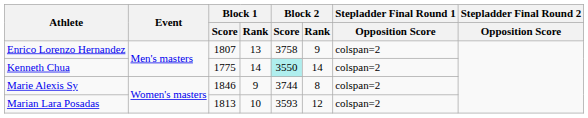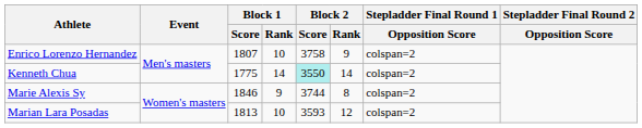 <table class="wikitable" border="1" style="font-size:90%">
 <tr>
 <th rowspan=2>Athlete</th>
 <th rowspan=2>Event</th>
 <th colspan=2>Block 1</th>
 <th colspan=2>Block 2</th>
 <th>Stepladder Final Round 1</th>
 <th>Stepladder Final Round 2</th>
 </tr>
 <tr>
 <th>Score</th>
 <th>Rank</th>
 <th>Score</th>
 <th>Rank</th>
 <th>Opposition Score</th>
 <th>Opposition Score</th>
 </tr>
 <tr>
 <td><a href='#'>Enrico Lorenzo Hernandez</a></td>
 <td rowspan=2><a href='#'>Men's masters</a></td>
 <td align=center>1807</td>
-<td align=center>13</td>
+<td align=center>10</td>
 <td align=center>3758</td>
 <td align=center>9</td>
 <td>colspan=2 </td>
 </tr>
 <tr>
 <td><a href='#'>Kenneth Chua</a></td>
 <td align=center>1775</td>
 <td align=center>14</td>
 <td align=center style="background: paleturquoise;">3550</td>
 <td align=center>14</td>
 <td>colspan=2 </td>
 </tr>
 <tr>
 <td><a href='#'>Marie Alexis Sy</a></td>
 <td rowspan=2><a href='#'>Women's masters</a></td>
 <td align=center>1846</td>
 <td align=center>9</td>
 <td align=center>3744</td>
 <td align=center>8</td>
 <td>colspan=2 </td>
 </tr>
 <tr>
 <td><a href='#'>Marian Lara Posadas</a></td>
 <td align=center>1813</td>
 <td align=center>10</td>
 <td align=center>3593</td>
 <td align=center>12</td>
 <td>colspan=2 </td>
 </tr>
 </table>
